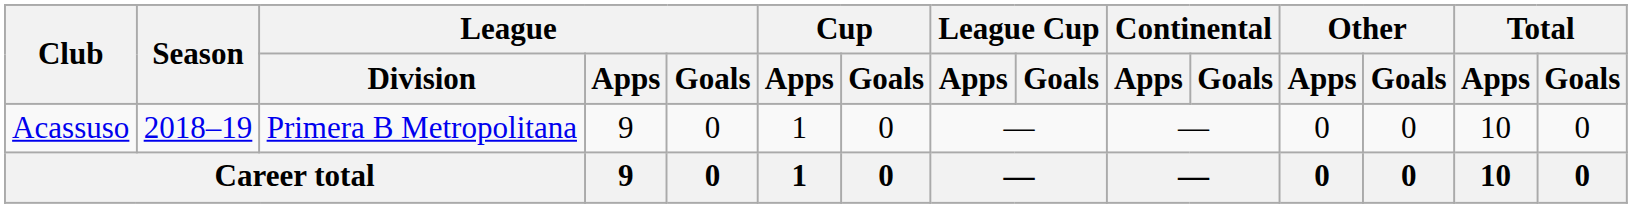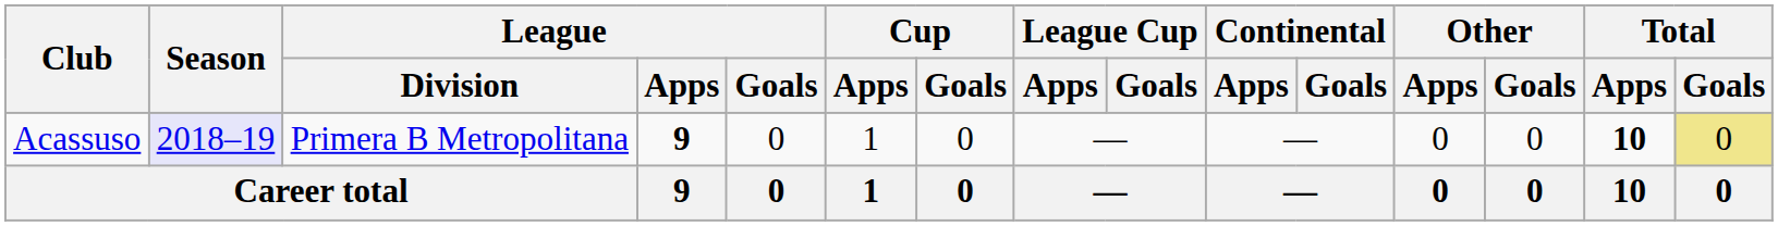 <table class="wikitable" style="text-align:center">
 <tr>
 <th rowspan="2">Club</th>
 <th rowspan="2">Season</th>
 <th colspan="3">League</th>
 <th colspan="2">Cup</th>
 <th colspan="2">League Cup</th>
 <th colspan="2">Continental</th>
 <th colspan="2">Other</th>
 <th colspan="2">Total</th>
 </tr>
 <tr>
 <th>Division</th>
 <th>Apps</th>
 <th>Goals</th>
 <th>Apps</th>
 <th>Goals</th>
 <th>Apps</th>
 <th>Goals</th>
 <th>Apps</th>
 <th>Goals</th>
 <th>Apps</th>
 <th>Goals</th>
 <th>Apps</th>
 <th>Goals</th>
 </tr>
 <tr>
 <td rowspan="1"><a href='#'>Acassuso</a></td>
-<td><a href='#'>2018–19</a></td>
+<td style="background: lavender;"><a href='#'>2018–19</a></td>
 <td rowspan="1"><a href='#'>Primera B Metropolitana</a></td>
-<td>9</td>
+<td><strong>9</strong></td>
 <td>0</td>
 <td>1</td>
 <td>0</td>
 <td colspan="2">—</td>
 <td colspan="2">—</td>
 <td>0</td>
 <td>0</td>
-<td>10</td>
-<td>0</td>
+<td><strong>10</strong></td>
+<td style="background: khaki;">0</td>
 </tr>
 <tr>
 <th colspan="3">Career total</th>
 <th>9</th>
 <th>0</th>
 <th>1</th>
 <th>0</th>
 <th colspan="2">—</th>
 <th colspan="2">—</th>
 <th>0</th>
 <th>0</th>
 <th>10</th>
 <th>0</th>
 </tr>
 </table>
